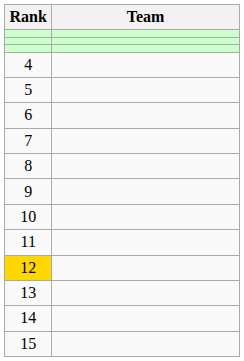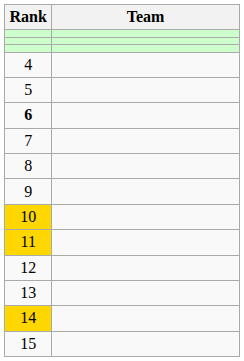 <table class="wikitable" style="text-align: center;">
 <tr>
 <th width=40>Rank</th>
 <th width=180>Team</th>
 </tr>
 <tr bgcolor=#CCFFCC>
 <td></td>
 <td style="text-align:left;"></td>
 </tr>
 <tr bgcolor=#CCFFCC>
 <td></td>
 <td style="text-align:left;"></td>
 </tr>
 <tr bgcolor=#CCFFCC>
 <td></td>
 <td style="text-align:left;"></td>
 </tr>
 <tr align=center>
 <td>4</td>
 <td style="text-align:left;"></td>
 </tr>
 <tr align=center>
 <td>5</td>
 <td style="text-align:left;"></td>
 </tr>
 <tr align=center>
-<td>6</td>
+<td><strong>6</strong></td>
 <td style="text-align:left;"></td>
 </tr>
 <tr align=center>
 <td>7</td>
 <td style="text-align:left;"></td>
 </tr>
 <tr align=center>
 <td>8</td>
 <td style="text-align:left;"></td>
 </tr>
 <tr align=center>
 <td>9</td>
 <td style="text-align:left;"></td>
 </tr>
 <tr align=center>
-<td>10</td>
+<td style="background: gold;">10</td>
 <td style="text-align:left;"></td>
 </tr>
 <tr align=center>
-<td>11</td>
+<td style="background: gold;">11</td>
 <td style="text-align:left;"></td>
 </tr>
 <tr align=center>
-<td style="background: gold;">12</td>
+<td>12</td>
 <td style="text-align:left;"></td>
 </tr>
 <tr align=center>
 <td>13</td>
 <td style="text-align:left;"></td>
 </tr>
 <tr align=center>
-<td>14</td>
+<td style="background: gold;">14</td>
 <td style="text-align:left;"></td>
 </tr>
 <tr align=center>
 <td>15</td>
 <td style="text-align:left;"></td>
 </tr>
 </table>
